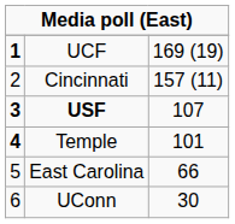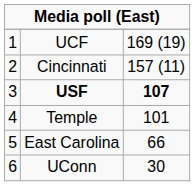 <table class="wikitable">
 <tr align="center">
 <td align="center" Colspan="3"><strong>Media poll (East)</strong></td>
 </tr>
 <tr align="center">
 </tr>
 <tr align="center">
-<td><strong>1</strong></td>
+<td>1</td>
 <td>UCF</td>
 <td>169 (19)</td>
 </tr>
 <tr align="center">
 <td>2</td>
 <td>Cincinnati</td>
 <td>157 (11)</td>
 </tr>
 <tr align="center">
-<td><strong>3</strong></td>
+<td>3</td>
 <td><strong>USF</strong></td>
-<td>107</td>
+<td><strong>107</strong></td>
 </tr>
 <tr align="center">
-<td><strong>4</strong></td>
+<td>4</td>
 <td>Temple</td>
 <td>101</td>
 </tr>
 <tr align="center">
 <td>5</td>
 <td>East Carolina</td>
 <td>66</td>
 </tr>
 <tr align="center">
 <td>6</td>
 <td>UConn</td>
 <td>30</td>
 </tr>
 </table>
